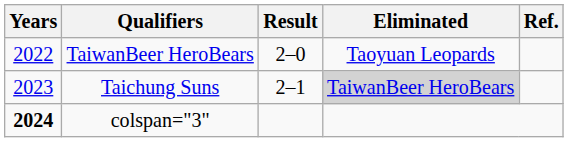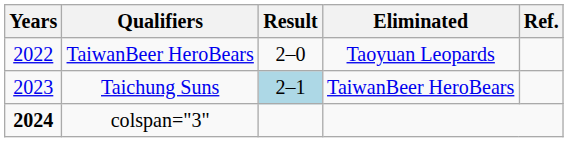 <table class="wikitable" style="font-size: 95%; text-align:center;">
 <tr>
 <th>Years</th>
 <th>Qualifiers</th>
 <th>Result</th>
 <th>Eliminated</th>
 <th>Ref.</th>
 </tr>
 <tr>
 <td><a href='#'>2022</a></td>
 <td><a href='#'>TaiwanBeer HeroBears</a></td>
 <td>2–0</td>
 <td><a href='#'>Taoyuan Leopards</a></td>
 <td></td>
 </tr>
 <tr>
 <td><a href='#'>2023</a></td>
 <td><a href='#'>Taichung Suns</a></td>
-<td>2–1</td>
-<td style="background: lightgrey;"><a href='#'>TaiwanBeer HeroBears</a></td>
+<td style="background: lightblue;">2–1</td>
+<td><a href='#'>TaiwanBeer HeroBears</a></td>
 <td></td>
 </tr>
 <tr>
 <td><strong>2024</strong></td>
 <td>colspan="3" </td>
 <td></td>
 </tr>
 </table>
